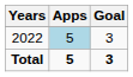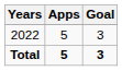 <table class="wikitable" style="text-align:center">
 <tr>
 <th>Years</th>
 <th>Apps</th>
 <th>Goal</th>
 </tr>
 <tr>
 </tr>
 <tr>
 <td>2022</td>
-<td style="background: lightblue;">5</td>
+<td>5</td>
 <td>3</td>
 </tr>
 <tr>
 <td><strong>Total</strong></td>
 <td><strong>5</strong></td>
 <td><strong>3</strong></td>
 </tr>
 </table>
